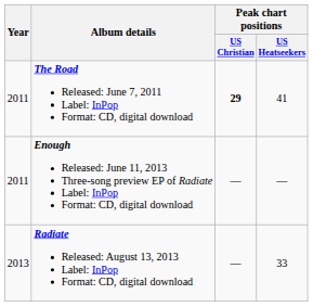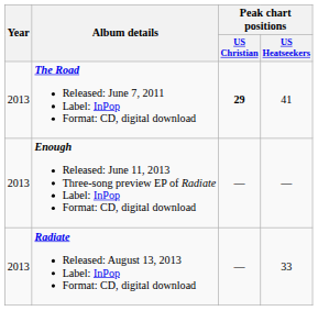 <table class="wikitable" style="text-align:center;">
 <tr>
 <th rowspan="2">Year</th>
 <th rowspan="2">Album details</th>
 <th colspan="2">Peak chart positions</th>
 </tr>
 <tr style="font-size:smaller;">
 <th width="40"><a href='#'>US<br>Christian</a></th>
 <th width="40"><a href='#'>US<br>Heatseekers</a></th>
 </tr>
 <tr>
-<td>2011</td>
+<td>2013</td>
 <td align="left"><strong><em><a href='#'>The Road</a></em></strong><br><ul><li>Released: June 7, 2011</li><li>Label: <a href='#'>InPop</a></li><li>Format: CD, digital download</li></ul></td>
 <td><strong>29</strong></td>
 <td>41</td>
 </tr>
 <tr>
-<td>2011</td>
+<td>2013</td>
 <td align="left"><strong><em>Enough</em></strong><br><ul><li>Released: June 11, 2013</li><li>Three-song preview EP of <em>Radiate</em></li><li>Label: <a href='#'>InPop</a></li><li>Format: CD, digital download</li></ul></td>
 <td>—</td>
 <td>—</td>
 </tr>
 <tr>
 <td>2013</td>
 <td align="left"><strong><em><a href='#'>Radiate</a></em></strong><br><ul><li>Released: August 13, 2013</li><li>Label: <a href='#'>InPop</a></li><li>Format: CD, digital download</li></ul></td>
 <td>—</td>
 <td>33</td>
 </tr>
 </table>
